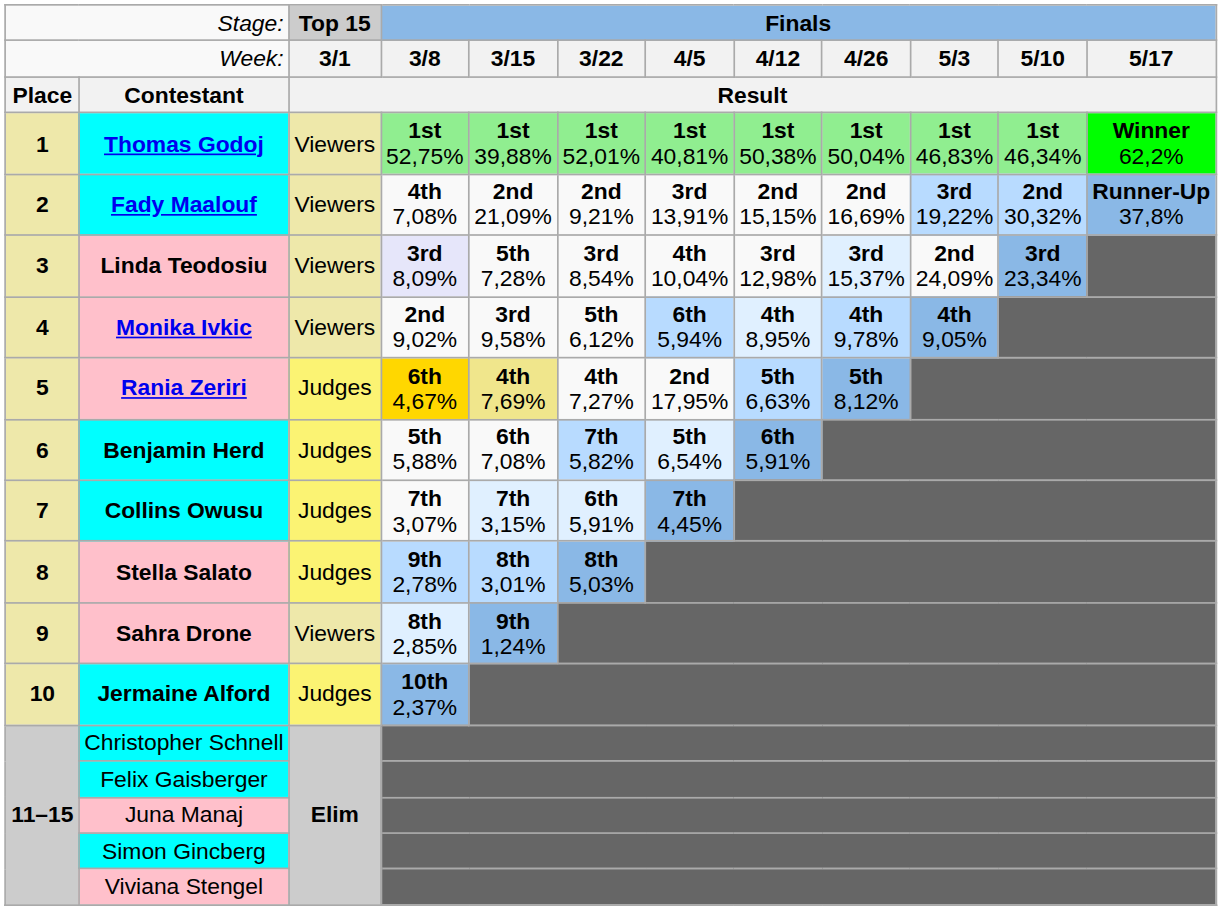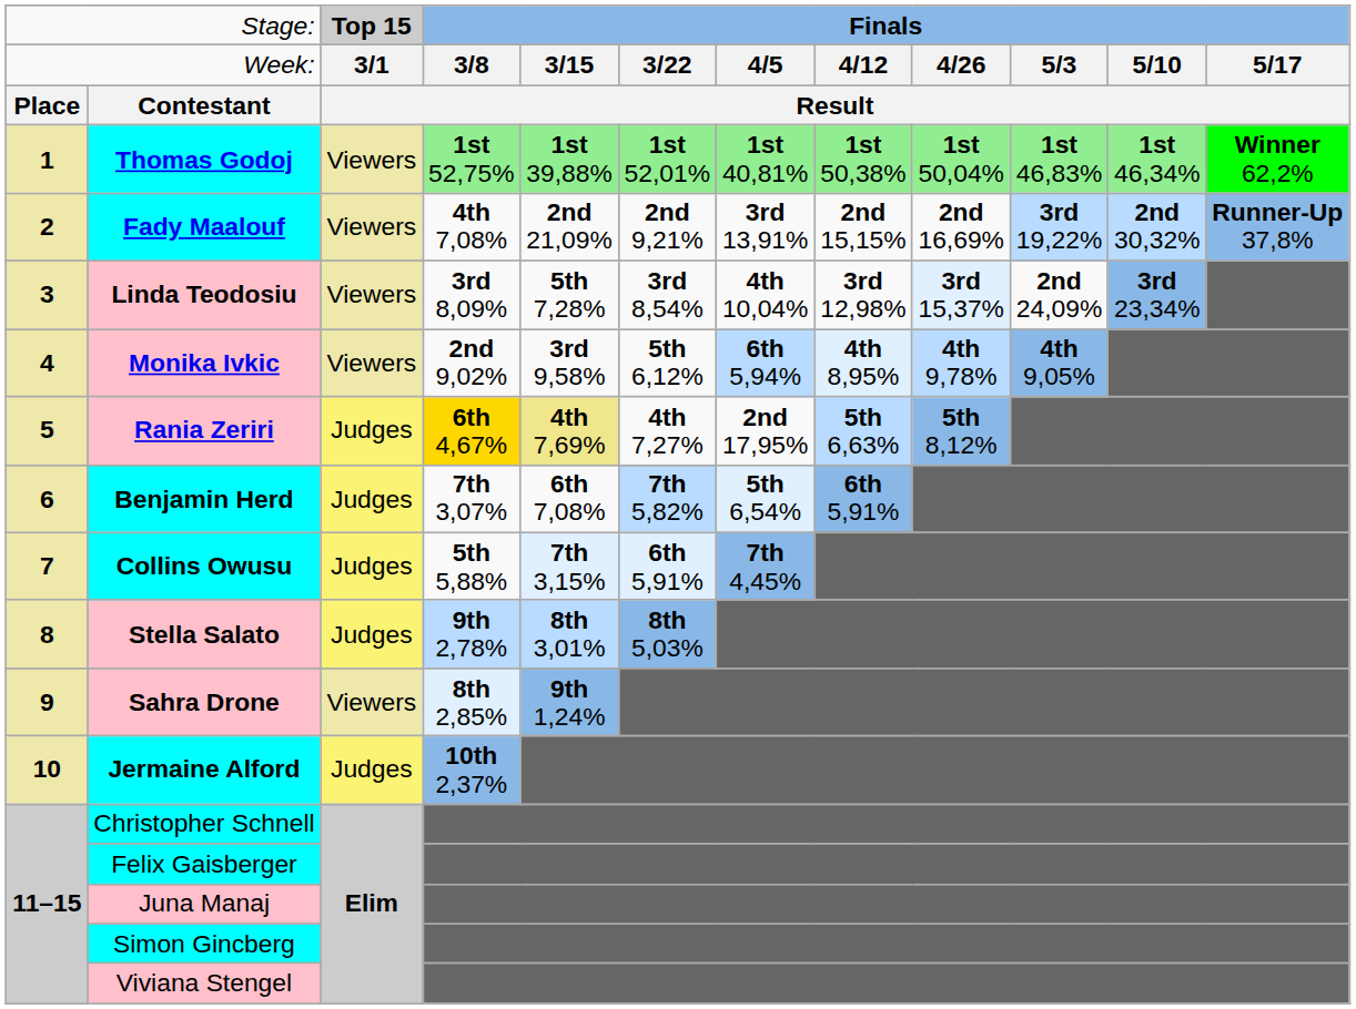 <table class="wikitable" style="text-align:center; font-size:85%; margin:1em auto;">
 <tr>
 <td align="right" colspan=2><em>Stage:</em></td>
 <td bgcolor="CCCCCC"><strong>Top 15</strong></td>
 <td bgcolor="8AB8E6" colspan=9><strong>Finals</strong></td>
 </tr>
 <tr>
 <td align="right" colspan=2><em>Week:</em></td>
 <th>3/1</th>
 <th>3/8</th>
 <th>3/15</th>
 <th>3/22</th>
 <th>4/5</th>
 <th>4/12</th>
 <th>4/26</th>
 <th>5/3</th>
 <th>5/10</th>
 <th>5/17</th>
 </tr>
 <tr>
 <th>Place</th>
 <th>Contestant</th>
 <th colspan="10" align="center">Result</th>
 </tr>
 <tr>
 <td align="center"  bgcolor="palegoldenrod"><strong>1</strong></td>
 <td bgcolor="cyan"><strong><a href='#'>Thomas Godoj</a></strong></td>
 <td bgcolor="palegoldenrod" align="center">Viewers</td>
 <td style="background:lightgreen;"><strong>1st</strong><br>52,75%</td>
 <td style="background:lightgreen;"><strong>1st</strong><br>39,88%</td>
 <td style="background:lightgreen;"><strong>1st</strong><br>52,01%</td>
 <td style="background:lightgreen;"><strong>1st</strong><br>40,81%</td>
 <td style="background:lightgreen;"><strong>1st</strong><br>50,38%</td>
 <td style="background:lightgreen;"><strong>1st</strong><br>50,04%</td>
 <td style="background:lightgreen;"><strong>1st</strong><br>46,83%</td>
 <td style="background:lightgreen;"><strong>1st</strong><br>46,34%</td>
 <td bgcolor="lime" align="center"><strong>Winner</strong><br>62,2%</td>
 </tr>
 <tr>
 <td align="center"  bgcolor="palegoldenrod"><strong>2</strong></td>
 <td bgcolor="cyan"><strong><a href='#'>Fady Maalouf</a></strong></td>
 <td bgcolor="palegoldenrod" align="center">Viewers</td>
 <td><strong>4th</strong><br>7,08%</td>
 <td><strong>2nd</strong><br>21,09%</td>
 <td><strong>2nd</strong><br>9,21%</td>
 <td><strong>3rd</strong><br>13,91%</td>
 <td><strong>2nd</strong><br>15,15%</td>
 <td><strong>2nd</strong><br>16,69%</td>
 <td style="background:#b8dbff;"><strong>3rd</strong><br>19,22%</td>
 <td style="background:#b8dbff;"><strong>2nd</strong><br>30,32%</td>
 <td style="background:#8ab8e6;"><strong>Runner-Up</strong><br>37,8%</td>
 </tr>
 <tr>
 <td align="center"  bgcolor="palegoldenrod"><strong>3</strong></td>
 <td bgcolor="pink"><strong>Linda Teodosiu</strong></td>
 <td bgcolor="palegoldenrod" align="center">Viewers</td>
-<td style="background: lavender;"><strong>3rd</strong><br>8,09%</td>
+<td><strong>3rd</strong><br>8,09%</td>
 <td><strong>5th</strong><br>7,28%</td>
 <td><strong>3rd</strong><br>8,54%</td>
 <td><strong>4th</strong><br>10,04%</td>
 <td><strong>3rd</strong><br>12,98%</td>
 <td style="background:#e0f0ff;"><strong>3rd</strong><br>15,37%</td>
 <td><strong>2nd</strong><br>24,09%</td>
 <td style="background:#8ab8e6;"><strong>3rd</strong><br>23,34%</td>
 <td bgcolor="666666"></td>
 </tr>
 <tr>
 <td align="center"  bgcolor="palegoldenrod"><strong>4</strong></td>
 <td bgcolor="pink"><strong><a href='#'>Monika Ivkic</a></strong></td>
 <td bgcolor="palegoldenrod" align="center">Viewers</td>
 <td><strong>2nd</strong><br>9,02%</td>
 <td><strong>3rd</strong><br>9,58%</td>
 <td><strong>5th</strong><br>6,12%</td>
 <td style="background:#b8dbff;"><strong>6th</strong><br>5,94%</td>
 <td style="background:#e0f0ff;"><strong>4th</strong><br>8,95%</td>
 <td style="background:#b8dbff;"><strong>4th</strong><br>9,78%</td>
 <td style="background:#8ab8e6;"><strong>4th</strong><br>9,05%</td>
 <td colspan="2" bgcolor="666666"></td>
 </tr>
 <tr>
 <td align="center"  bgcolor="palegoldenrod"><strong>5</strong></td>
 <td bgcolor="pink"><strong><a href='#'>Rania Zeriri</a></strong></td>
 <td bgcolor="#FBF373" align="center">Judges</td>
 <td style="background: gold;"><strong>6th</strong><br>4,67%</td>
 <td style="background: khaki;"><strong>4th</strong><br>7,69%</td>
 <td><strong>4th</strong><br>7,27%</td>
 <td><strong>2nd</strong><br>17,95%</td>
 <td style="background:#b8dbff;"><strong>5th</strong><br>6,63%</td>
 <td style="background:#8ab8e6;"><strong>5th</strong><br>8,12%</td>
 <td colspan="3" bgcolor="666666"></td>
 </tr>
 <tr>
 <td align="center"  bgcolor="palegoldenrod"><strong>6</strong></td>
 <td bgcolor="cyan"><strong>Benjamin Herd</strong></td>
 <td bgcolor="#FBF373" align="center">Judges</td>
-<td><strong>5th</strong><br>5,88%</td>
+<td><strong>7th</strong><br>3,07%</td>
 <td><strong>6th</strong><br>7,08%</td>
 <td style="background:#b8dbff;"><strong>7th</strong><br>5,82%</td>
 <td style="background:#e0f0ff;"><strong>5th</strong><br>6,54%</td>
 <td style="background:#8ab8e6;"><strong>6th</strong><br>5,91%</td>
 <td colspan="4" bgcolor="666666"></td>
 </tr>
 <tr>
 <td align="center"  bgcolor="palegoldenrod"><strong>7</strong></td>
 <td bgcolor="cyan"><strong>Collins Owusu</strong></td>
 <td bgcolor="#FBF373" align="center">Judges</td>
-<td><strong>7th</strong><br>3,07%</td>
+<td><strong>5th</strong><br>5,88%</td>
 <td style="background:#e0f0ff;"><strong>7th</strong><br>3,15%</td>
 <td style="background:#e0f0ff;"><strong>6th</strong><br>5,91%</td>
 <td style="background:#8ab8e6;"><strong>7th</strong><br>4,45%</td>
 <td colspan="5" bgcolor="666666"></td>
 </tr>
 <tr>
 <td align="center"  bgcolor="palegoldenrod"><strong>8</strong></td>
 <td bgcolor="pink"><strong>Stella Salato</strong></td>
 <td bgcolor="#FBF373" align="center">Judges</td>
 <td style="background:#b8dbff;"><strong>9th</strong><br>2,78%</td>
 <td style="background:#b8dbff;"><strong>8th</strong><br>3,01%</td>
 <td style="background:#8ab8e6;"><strong>8th</strong><br>5,03%</td>
 <td colspan="6" bgcolor="666666"></td>
 </tr>
 <tr>
 <td align="center"  bgcolor="palegoldenrod"><strong>9</strong></td>
 <td bgcolor="pink"><strong>Sahra Drone</strong></td>
 <td bgcolor="palegoldenrod" align="center">Viewers</td>
 <td style="background:#e0f0ff;"><strong>8th</strong><br>2,85%</td>
 <td style="background:#8ab8e6;"><strong>9th</strong><br>1,24%</td>
 <td colspan="7" bgcolor="666666"></td>
 </tr>
 <tr>
 <td align="center" bgcolor="palegoldenrod"><strong>10</strong></td>
 <td bgcolor="cyan"><strong>Jermaine Alford</strong></td>
 <td bgcolor="#FBF373" align="center">Judges</td>
 <td style="background:#8ab8e6;"><strong>10th</strong><br>2,37%</td>
 <td colspan="8" bgcolor="666666"></td>
 </tr>
 <tr>
 <td align="center" bgcolor="CCCCCC" rowspan="5"><strong>11–15</strong></td>
 <td bgcolor="cyan">Christopher Schnell</td>
 <td bgcolor="#CCCCCC" align="center" rowspan="5"><strong>Elim</strong></td>
 <td colspan="9" bgcolor="666666"></td>
 </tr>
 <tr>
 <td bgcolor="cyan">Felix Gaisberger</td>
 <td colspan="9" bgcolor="666666"></td>
 </tr>
 <tr>
 <td bgcolor="pink">Juna Manaj</td>
 <td colspan="9" bgcolor="666666"></td>
 </tr>
 <tr>
 <td bgcolor="cyan">Simon Gincberg</td>
 <td colspan="9" bgcolor="666666"></td>
 </tr>
 <tr>
 <td bgcolor="pink">Viviana Stengel</td>
 <td colspan="9" bgcolor="666666"></td>
 </tr>
 <tr>
 </tr>
 </table>
